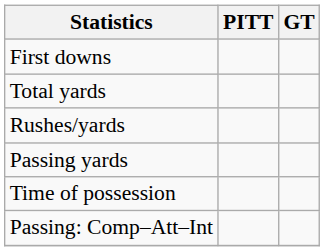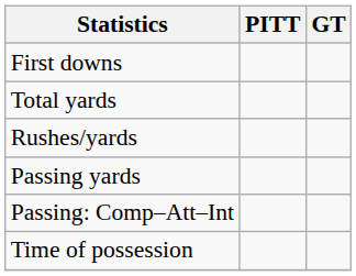 <table class="wikitable" style="float: left;">
 <tr>
 <th>Statistics</th>
 <th>PITT</th>
 <th>GT</th>
 </tr>
 <tr>
 <td>First downs</td>
 <td></td>
 <td></td>
 </tr>
 <tr>
 <td>Total yards</td>
 <td></td>
 <td></td>
 </tr>
 <tr>
 <td>Rushes/yards</td>
 <td></td>
 <td></td>
 </tr>
 <tr>
 <td>Passing yards</td>
 <td></td>
 <td></td>
 </tr>
 <tr>
-<td>Time of possession</td>
+<td>Passing: Comp–Att–Int</td>
 <td></td>
 <td></td>
 </tr>
 <tr>
-<td>Passing: Comp–Att–Int</td>
+<td>Time of possession</td>
 <td></td>
 <td></td>
 </tr>
 <tr>
 </tr>
 </table>
